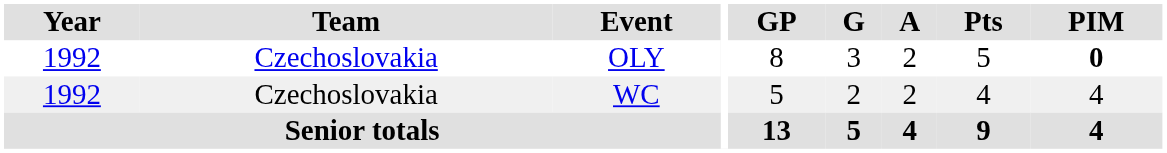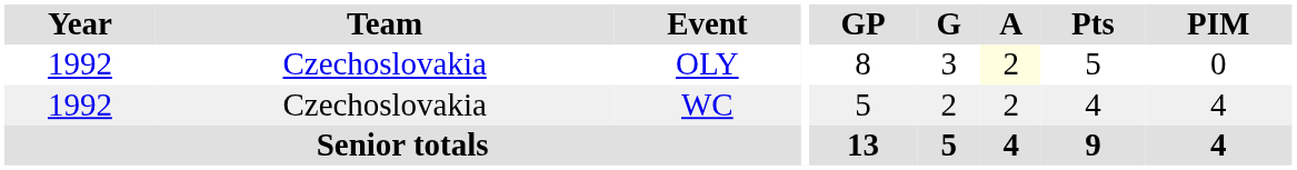 <table border="0" cellpadding="1" cellspacing="0" ID="Table3" style="text-align:center; width:40em">
 <tr bgcolor="#e0e0e0">
 <th>Year</th>
 <th>Team</th>
 <th>Event</th>
 <th rowspan="102" bgcolor="#ffffff"></th>
 <th>GP</th>
 <th>G</th>
 <th>A</th>
 <th>Pts</th>
 <th>PIM</th>
 </tr>
 <tr>
 <td><a href='#'>1992</a></td>
 <td><a href='#'>Czechoslovakia</a></td>
 <td><a href='#'>OLY</a></td>
 <td>8</td>
 <td>3</td>
-<td>2</td>
+<td style="background: lightyellow;">2</td>
 <td>5</td>
-<td><strong>0</strong></td>
+<td>0</td>
 </tr>
 <tr bgcolor="#f0f0f0">
 <td><a href='#'>1992</a></td>
 <td>Czechoslovakia</td>
 <td><a href='#'>WC</a></td>
 <td>5</td>
 <td>2</td>
 <td>2</td>
 <td>4</td>
 <td>4</td>
 </tr>
 <tr bgcolor="#e0e0e0">
 <th colspan=3>Senior totals</th>
 <th>13</th>
 <th>5</th>
 <th>4</th>
 <th>9</th>
 <th>4</th>
 </tr>
 </table>
